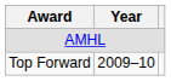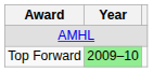 <table class="wikitable">
 <tr>
 <th>Award</th>
 <th>Year</th>
 <th></th>
 </tr>
 <tr ALIGN="center" bgcolor="#e0e0e0">
 <td colspan="3"><a href='#'>AMHL</a></td>
 </tr>
 <tr>
 <td>Top Forward</td>
-<td>2009–10</td>
+<td style="background: lightgreen;">2009–10</td>
 <td></td>
 </tr>
 </table>
